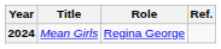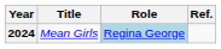 <table class="wikitable plainrowheaders sortable">
 <tr>
 <th scope="col">Year</th>
 <th scope="col">Title</th>
 <th scope="col">Role</th>
 <th scope="col" class="unsortable">Ref.</th>
 </tr>
 <tr>
 <th scope="row">2024</th>
 <td><em><a href='#'>Mean Girls</a></em></td>
-<td><a href='#'>Regina George</a></td>
+<td style="background: lightblue;"><a href='#'>Regina George</a></td>
 <td></td>
 </tr>
 </table>
